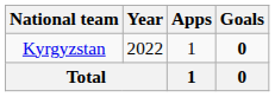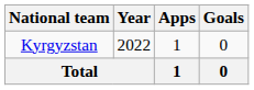 <table class=wikitable style=text-align:center>
 <tr>
 <th>National team</th>
 <th>Year</th>
 <th>Apps</th>
 <th>Goals</th>
 </tr>
 <tr>
 <td rowspan="1"><a href='#'>Kyrgyzstan</a></td>
 <td>2022</td>
 <td>1</td>
-<td><strong>0</strong></td>
+<td>0</td>
 </tr>
 <tr>
 <th colspan="2">Total</th>
 <th>1</th>
 <th>0</th>
 </tr>
 </table>
